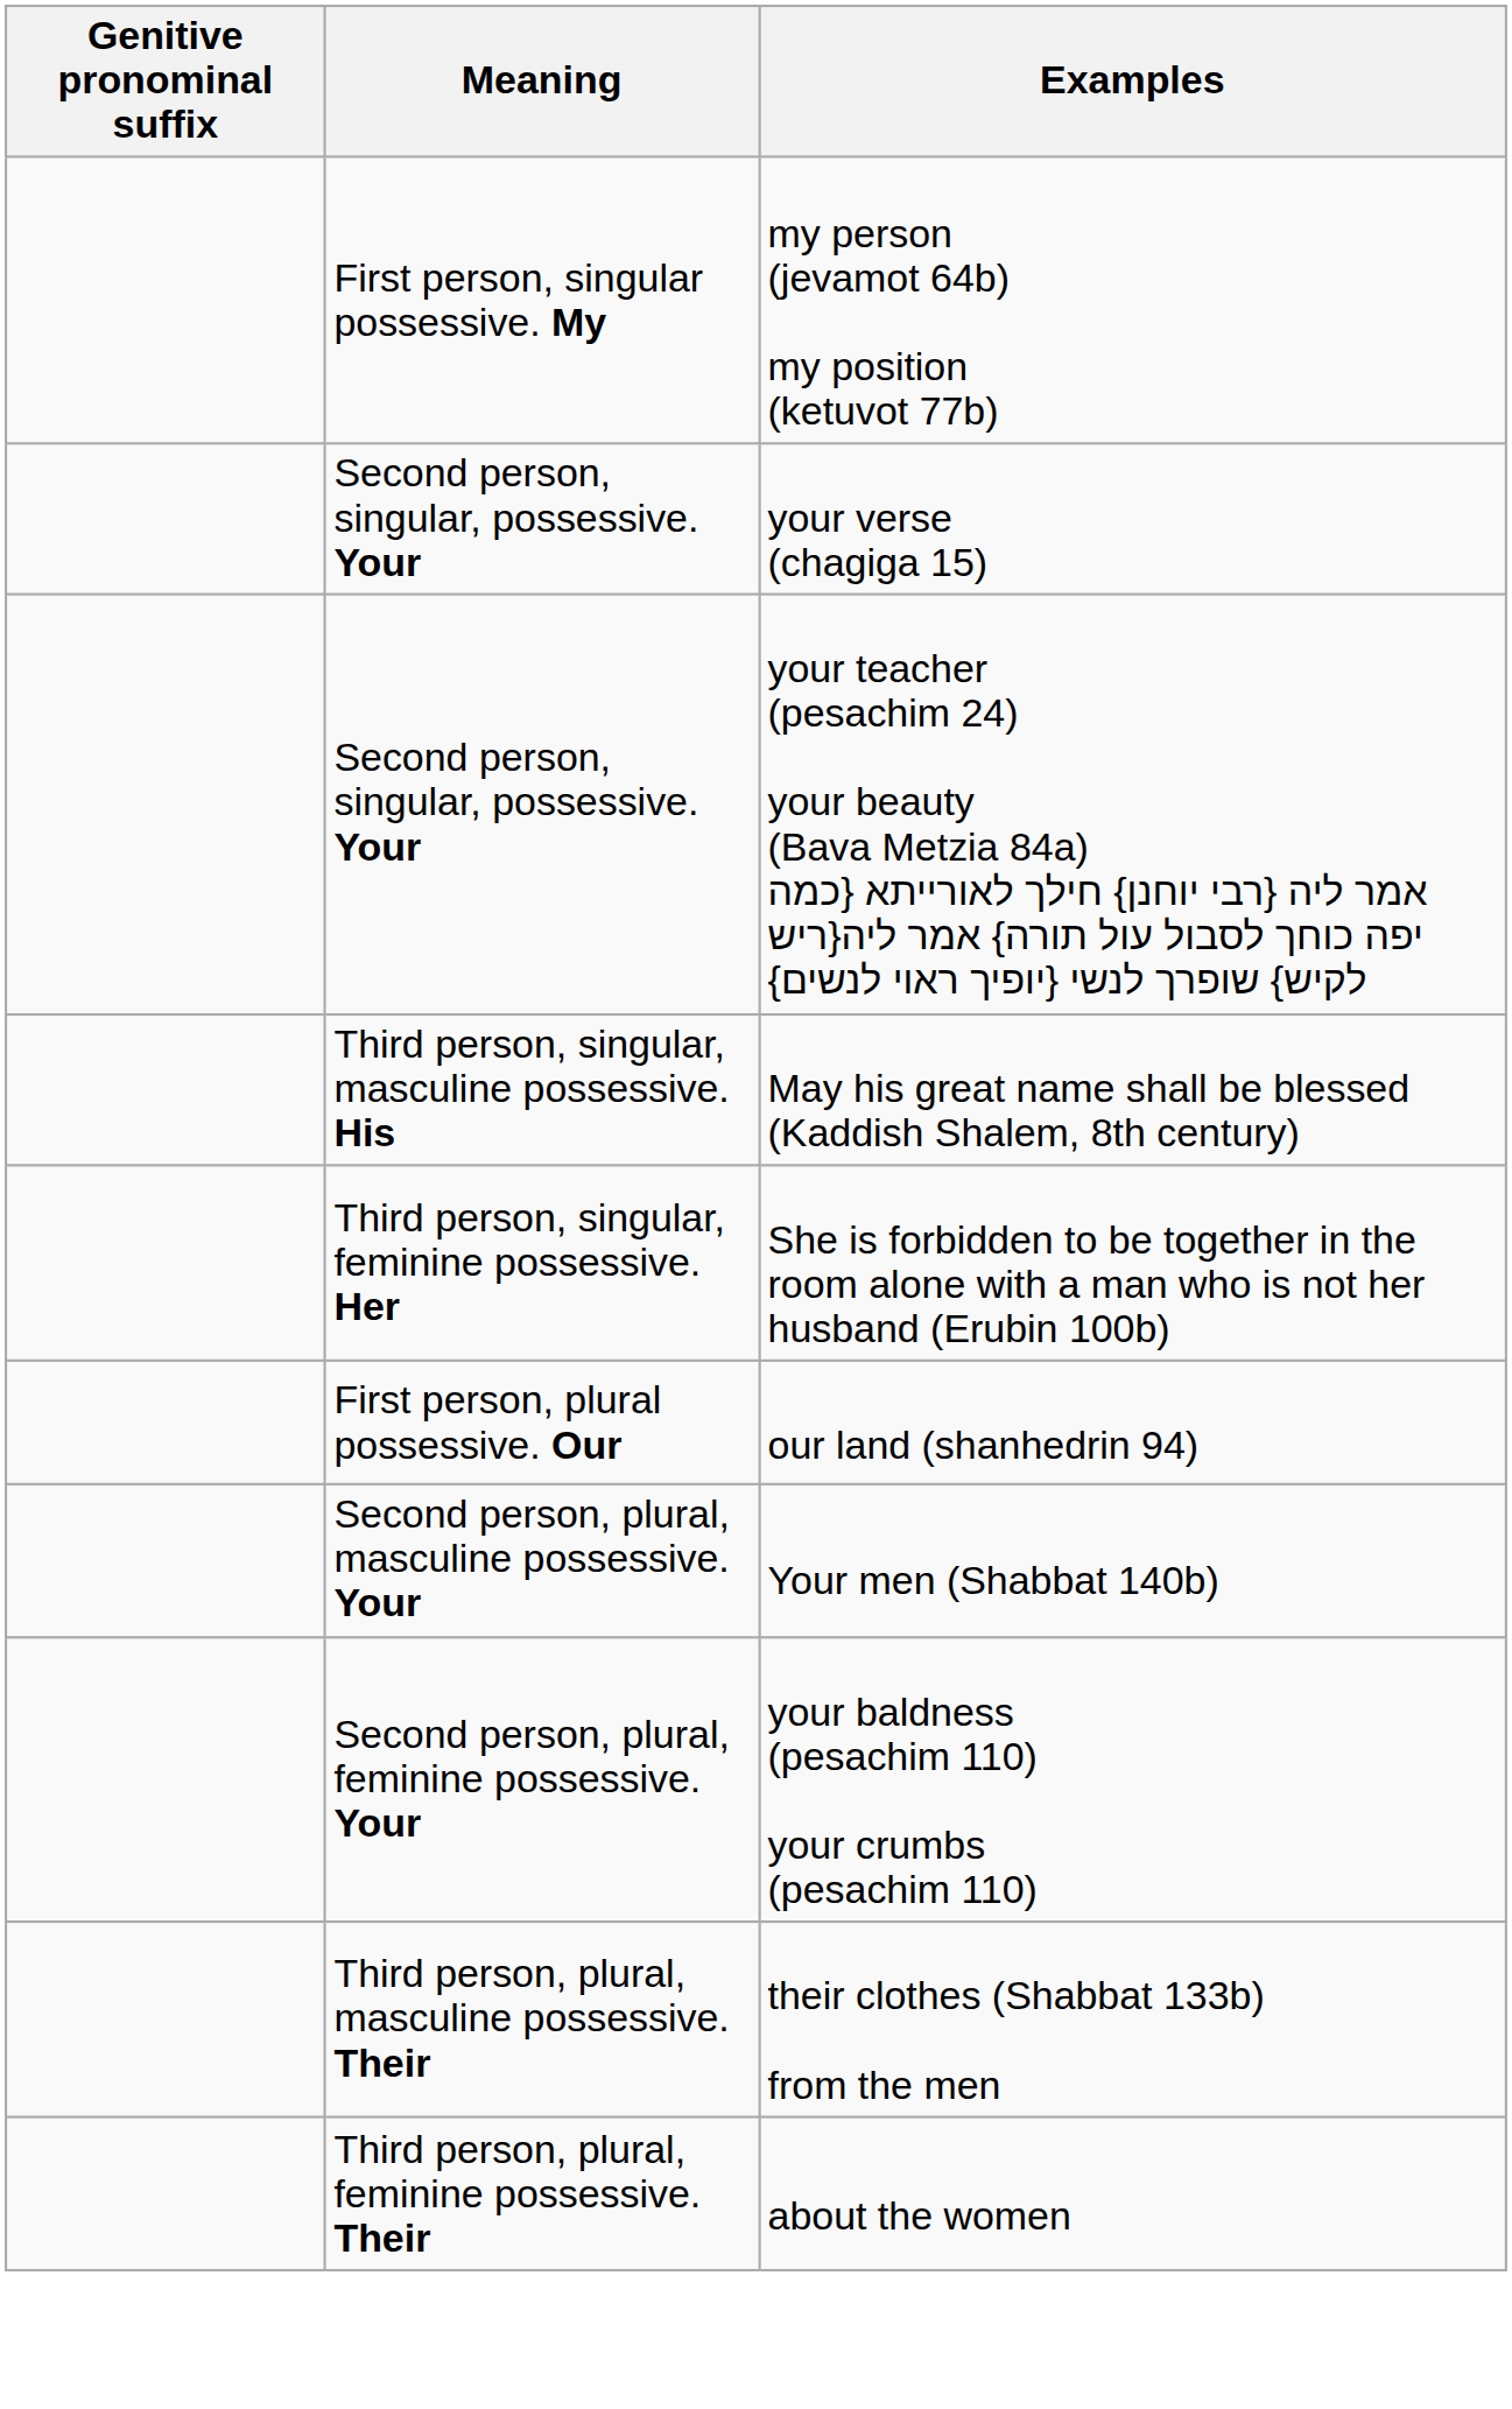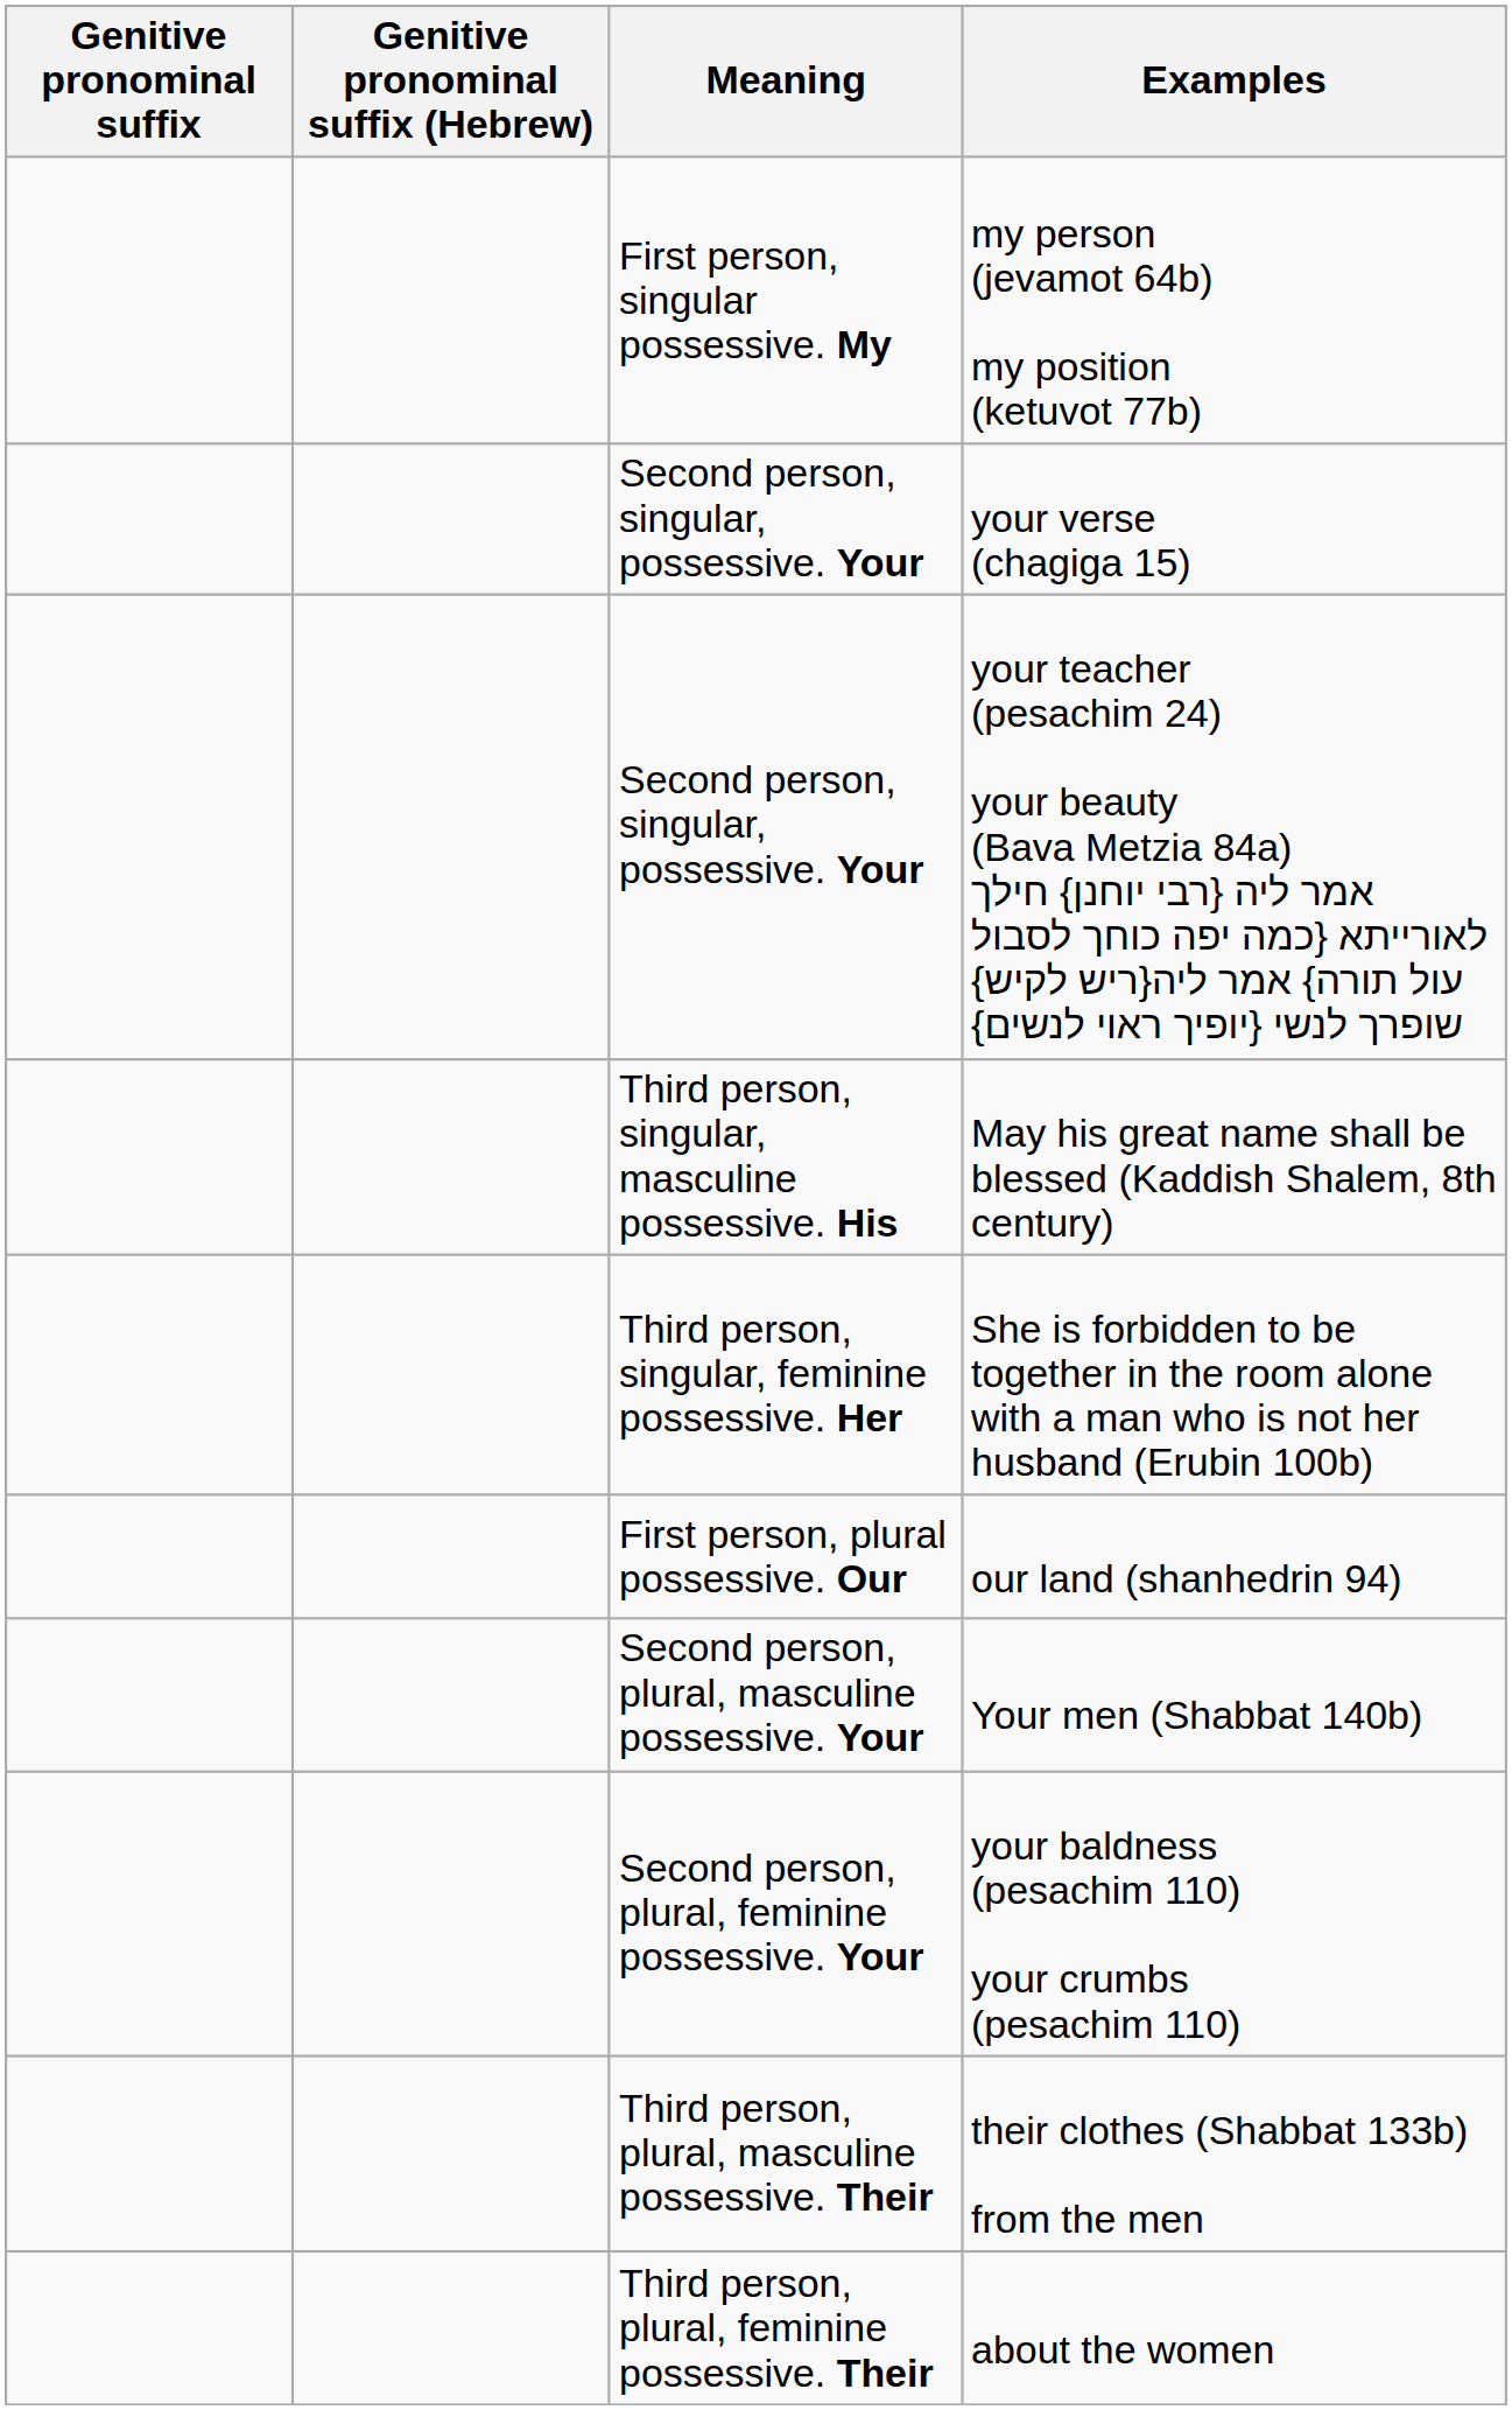 <table class="wikitable">
 <tr>
 <th>Genitive pronominal suffix</th>
+<th>Genitive pronominal suffix (Hebrew)</th>
 <th>Meaning</th>
 <th>Examples</th>
 </tr>
 <tr style="height: 50px">
+<td></td>
 <td></td>
 <td>First person, singular possessive. <strong>My</strong></td>
 <td>  <br>  my person<br>  (jevamot 64b) <br>   <br>  my position<br>  (ketuvot 77b)</td>
 </tr>
 <tr style="height: 50px">
 <td></td>
+<td></td>
 <td>Second person, singular, possessive. <strong>Your</strong></td>
 <td>  <br>  your verse <br>  (chagiga 15)</td>
 </tr>
 <tr style="height: 50px">
+<td></td>
 <td></td>
 <td>Second person, singular, possessive. <strong>Your</strong></td>
 <td> <br>  your teacher <br>  (pesachim 24) <br>  <br>  your beauty <br>  (Bava Metzia 84a) <br> אמר ליה {רבי יוחנן} חילך לאורייתא {כמה יפה כוחך לסבול עול תורה} אמר ליה{ריש לקיש} שופרך לנשי {יופיך ראוי לנשים}</td>
 </tr>
 <tr style="height: 50px">
 <td></td>
+<td></td>
 <td>Third person, singular, masculine possessive. <strong>His</strong></td>
 <td><br>May his great name shall be blessed (Kaddish Shalem, 8th century)</td>
 </tr>
 <tr style="height: 50px">
+<td></td>
 <td></td>
 <td>Third person, singular, feminine possessive. <strong>Her</strong></td>
 <td> <br> She is forbidden to be together in the room alone with a man who is not her husband (Erubin 100b)</td>
 </tr>
 <tr style="height: 50px">
 <td></td>
+<td></td>
 <td>First person, plural possessive. <strong>Our</strong></td>
 <td> <br>  our land  (shanhedrin 94)</td>
 </tr>
 <tr style="height: 50px">
+<td></td>
 <td></td>
 <td>Second person, plural, masculine possessive. <strong>Your</strong></td>
 <td> <br>  Your men  (Shabbat 140b)</td>
 </tr>
 <tr style="height: 50px">
 <td></td>
+<td></td>
 <td>Second person, plural, feminine possessive. <strong>Your</strong></td>
 <td>  <br>  your baldness <br>  (pesachim 110) <br>   <br>  your crumbs <br>  (pesachim 110)</td>
 </tr>
 <tr style="height: 50px">
+<td></td>
 <td></td>
 <td>Third person, plural, masculine possessive. <strong>Their</strong></td>
 <td> <br>  their clothes (Shabbat 133b)<br>  <br> from the men</td>
 </tr>
 <tr style="height: 50px">
 <td></td>
+<td></td>
 <td>Third person, plural, feminine possessive. <strong>Their</strong></td>
 <td> <br> about the women</td>
 </tr>
 </table>
